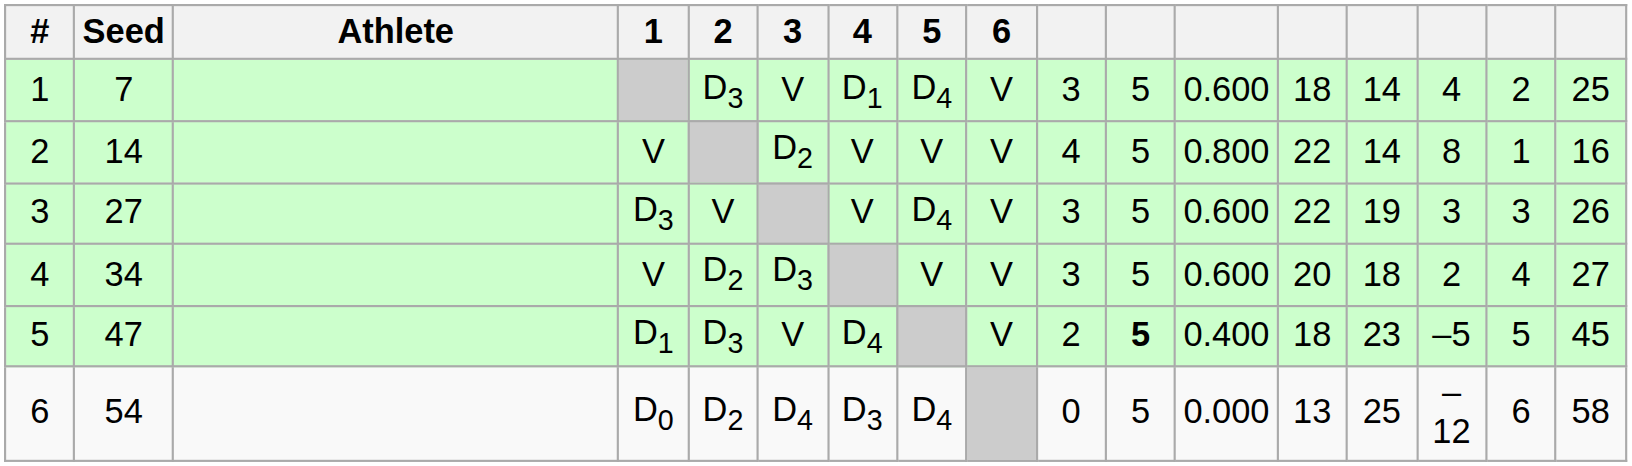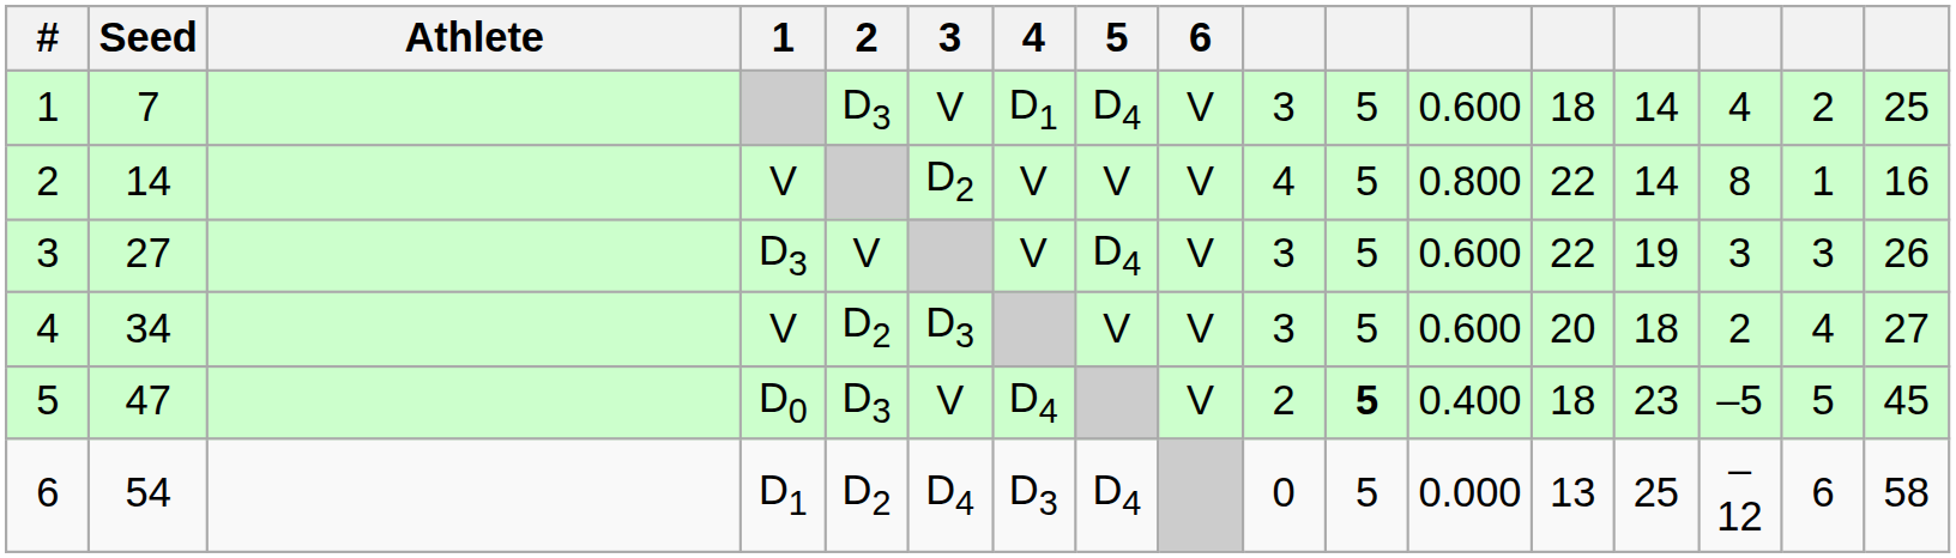 <table class="wikitable" style="text-align:center">
 <tr>
 <th width="25">#</th>
 <th width="25">Seed</th>
 <th width="200">Athlete</th>
 <th width="25">1</th>
 <th width="25">2</th>
 <th width="25">3</th>
 <th width="25">4</th>
 <th width="25">5</th>
 <th width="25">6</th>
 <th width="25"></th>
 <th width="25"></th>
 <th width="40"></th>
 <th width="25"></th>
 <th width="25"></th>
 <th width="25"></th>
 <th width="25"></th>
 <th width="25"></th>
 </tr>
 <tr bgcolor="#ccffcc">
 <td>1</td>
 <td>7</td>
 <td align=left></td>
 <td bgcolor="#cccccc"></td>
 <td>D<sub>3</sub></td>
 <td>V</td>
 <td>D<sub>1</sub></td>
 <td>D<sub>4</sub></td>
 <td>V</td>
 <td>3</td>
 <td>5</td>
 <td>0.600</td>
 <td>18</td>
 <td>14</td>
 <td>4</td>
 <td>2</td>
 <td>25</td>
 </tr>
 <tr bgcolor="#ccffcc">
 <td>2</td>
 <td>14</td>
 <td align=left></td>
 <td>V</td>
 <td bgcolor="#cccccc"></td>
 <td>D<sub>2</sub></td>
 <td>V</td>
 <td>V</td>
 <td>V</td>
 <td>4</td>
 <td>5</td>
 <td>0.800</td>
 <td>22</td>
 <td>14</td>
 <td>8</td>
 <td>1</td>
 <td>16</td>
 </tr>
 <tr bgcolor="#ccffcc">
 <td>3</td>
 <td>27</td>
 <td align=left></td>
 <td>D<sub>3</sub></td>
 <td>V</td>
 <td bgcolor="#cccccc"></td>
 <td>V</td>
 <td>D<sub>4</sub></td>
 <td>V</td>
 <td>3</td>
 <td>5</td>
 <td>0.600</td>
 <td>22</td>
 <td>19</td>
 <td>3</td>
 <td>3</td>
 <td>26</td>
 </tr>
 <tr bgcolor="#ccffcc">
 <td>4</td>
 <td>34</td>
 <td align=left></td>
 <td>V</td>
 <td>D<sub>2</sub></td>
 <td>D<sub>3</sub></td>
 <td bgcolor="#cccccc"></td>
 <td>V</td>
 <td>V</td>
 <td>3</td>
 <td>5</td>
 <td>0.600</td>
 <td>20</td>
 <td>18</td>
 <td>2</td>
 <td>4</td>
 <td>27</td>
 </tr>
 <tr bgcolor="#ccffcc">
 <td>5</td>
 <td>47</td>
 <td align=left></td>
-<td>D<sub>1</sub></td>
+<td>D<sub>0</sub></td>
 <td>D<sub>3</sub></td>
 <td>V</td>
 <td>D<sub>4</sub></td>
 <td bgcolor="#cccccc"></td>
 <td>V</td>
 <td>2</td>
 <td><strong>5</strong></td>
 <td>0.400</td>
 <td>18</td>
 <td>23</td>
 <td>–5</td>
 <td>5</td>
 <td>45</td>
 </tr>
 <tr>
 <td>6</td>
 <td>54</td>
 <td align=left></td>
-<td>D<sub>0</sub></td>
+<td>D<sub>1</sub></td>
 <td>D<sub>2</sub></td>
 <td>D<sub>4</sub></td>
 <td>D<sub>3</sub></td>
 <td>D<sub>4</sub></td>
 <td bgcolor="#cccccc"></td>
 <td>0</td>
 <td>5</td>
 <td>0.000</td>
 <td>13</td>
 <td>25</td>
 <td>–12</td>
 <td>6</td>
 <td>58</td>
 </tr>
 </table>
